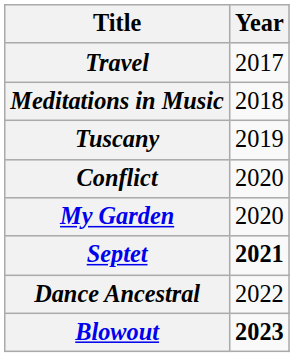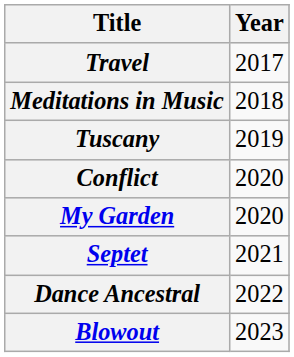 <table class="wikitable plainrowheaders">
 <tr>
 <th>Title</th>
 <th>Year</th>
 </tr>
 <tr>
 <th scope="row"><em>Travel</em></th>
 <td>2017</td>
 </tr>
 <tr>
 <th scope="row"><em>Meditations in Music</em></th>
 <td>2018</td>
 </tr>
 <tr>
 <th scope="row"><em>Tuscany</em></th>
 <td>2019</td>
 </tr>
 <tr>
 <th scope="row"><em>Conflict</em></th>
 <td>2020</td>
 </tr>
 <tr>
 <th scope="row"><em><a href='#'>My Garden</a></em></th>
 <td>2020</td>
 </tr>
 <tr>
 <th scope="row"><em><a href='#'>Septet</a></em></th>
-<td><strong>2021</strong></td>
+<td>2021</td>
 </tr>
 <tr>
 <th scope="row"><em>Dance Ancestral</em></th>
 <td>2022</td>
 </tr>
 <tr>
 <th scope="row"><em><a href='#'>Blowout</a></em></th>
-<td><strong>2023</strong></td>
+<td>2023</td>
 </tr>
 </table>
